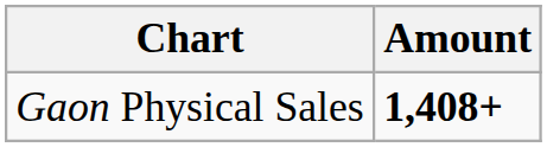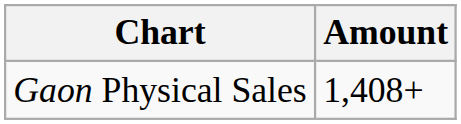 <table class="wikitable">
 <tr>
 <th>Chart</th>
 <th>Amount</th>
 </tr>
 <tr>
 <td><em>Gaon</em> Physical Sales</td>
-<td><strong>1,408+</strong></td>
+<td>1,408+</td>
 </tr>
 </table>
